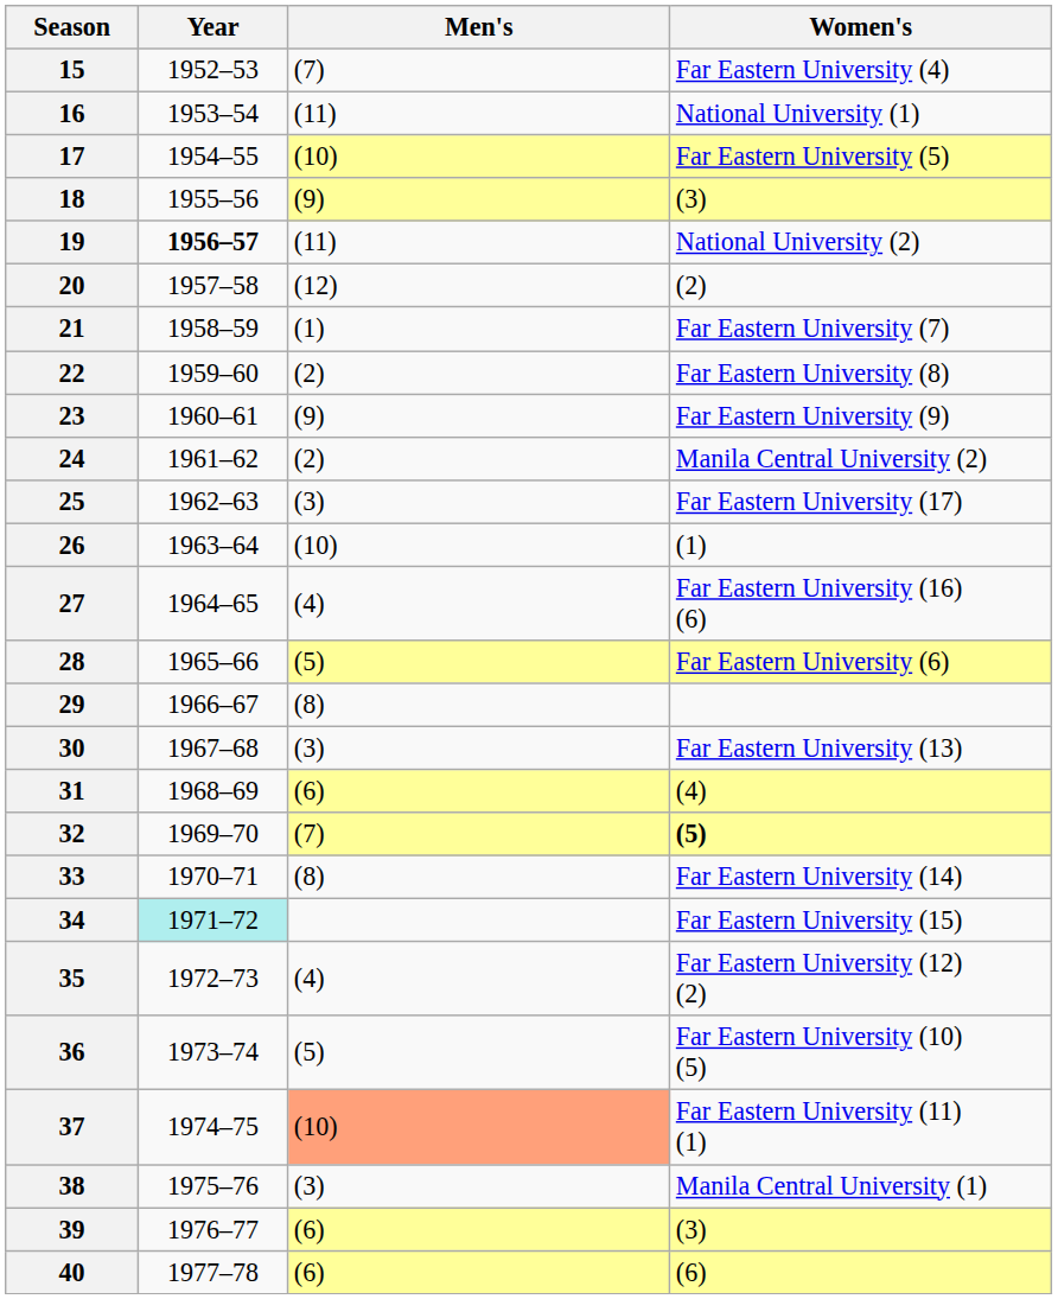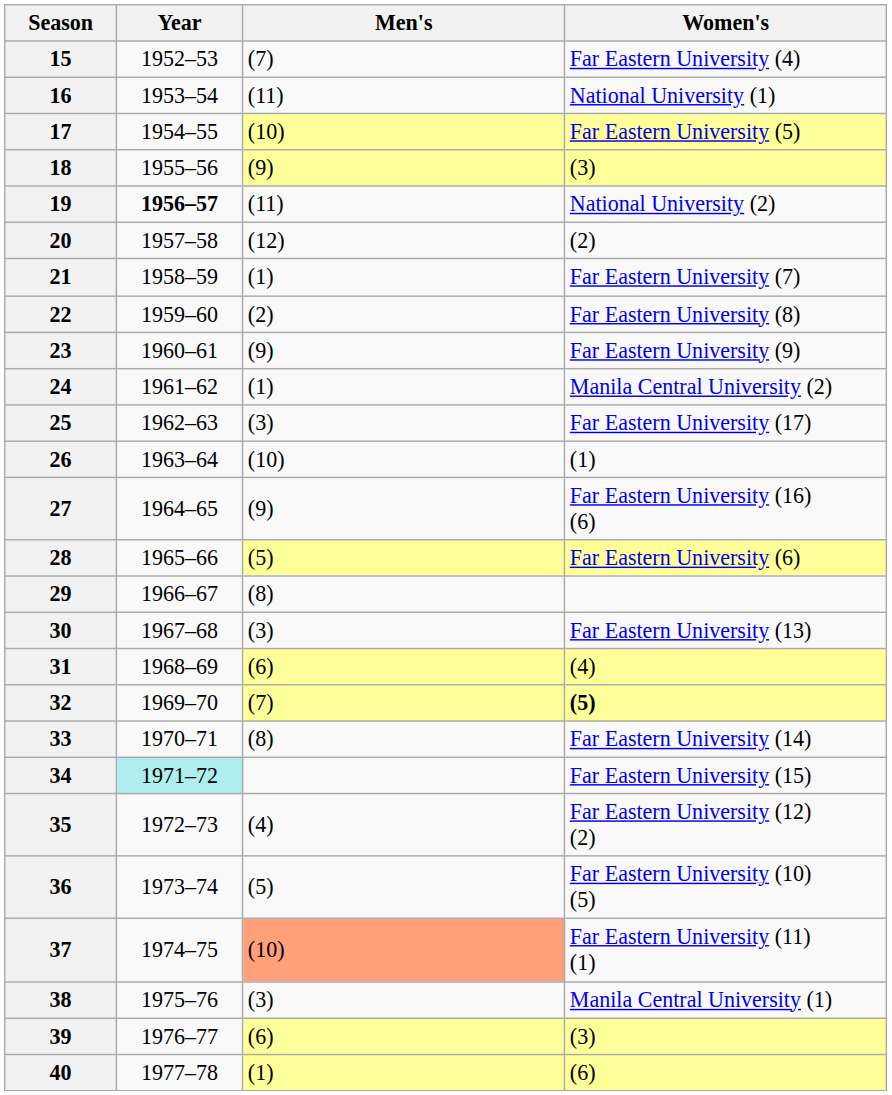 <table class="wikitable plainrowheaders" style="font-size:95%;">
 <tr>
 <th scope="col" style="width:70px;">Season</th>
 <th scope="col" style="width:80px;">Year</th>
 <th scope="col" style="width:215px;">Men's</th>
 <th scope="col" style="width:215px;">Women's</th>
 </tr>
 <tr>
 <th scope="row" style="text-align:center;">15</th>
 <td align=center>1952–53</td>
 <td> (7)</td>
 <td> <a href='#'>Far Eastern University</a> (4)</td>
 </tr>
 <tr>
 <th scope="row" style="text-align:center;">16</th>
 <td align=center>1953–54</td>
 <td> (11)</td>
 <td> <a href='#'>National University</a>  (1)</td>
 </tr>
 <tr>
 <th scope="row" style="text-align:center;">17</th>
 <td align=center>1954–55</td>
 <td bgcolor=#FFFF99> (10)</td>
 <td bgcolor=#FFFF99> <a href='#'>Far Eastern University</a>  (5)</td>
 </tr>
 <tr>
 <th scope="row" style="text-align:center;">18</th>
 <td align=center>1955–56</td>
 <td bgcolor=#FFFF99> (9)</td>
 <td bgcolor=#FFFF99> (3)</td>
 </tr>
 <tr>
 <th scope="row" style="text-align:center;">19</th>
 <td align=center><strong>1956–57</strong></td>
 <td> (11)</td>
 <td> <a href='#'>National University</a> (2)</td>
 </tr>
 <tr>
 <th scope="row" style="text-align:center;">20</th>
 <td align=center>1957–58</td>
 <td> (12)</td>
 <td> (2)</td>
 </tr>
 <tr>
 <th scope="row" style="text-align:center;">21</th>
 <td align=center>1958–59</td>
 <td> (1)</td>
 <td> <a href='#'>Far Eastern University</a> (7)</td>
 </tr>
 <tr>
 <th scope="row" style="text-align:center;">22</th>
 <td align=center>1959–60</td>
 <td> (2)</td>
 <td> <a href='#'>Far Eastern University</a> (8)</td>
 </tr>
 <tr>
 <th scope="row" style="text-align:center;">23</th>
 <td align=center>1960–61</td>
 <td> (9)</td>
 <td> <a href='#'>Far Eastern University</a> (9)</td>
 </tr>
 <tr>
 <th scope="row" style="text-align:center;">24</th>
 <td align=center>1961–62</td>
-<td> (2)</td>
+<td> (1)</td>
 <td> <a href='#'>Manila Central University</a> (2)</td>
 </tr>
 <tr>
 <th scope="row" style="text-align:center;">25</th>
 <td align=center>1962–63</td>
 <td> (3)</td>
 <td> <a href='#'>Far Eastern University</a> (17)</td>
 </tr>
 <tr>
 <th scope="row" style="text-align:center;">26</th>
 <td align=center>1963–64</td>
 <td> (10)</td>
 <td> (1)</td>
 </tr>
 <tr>
 <th scope="row" style="text-align:center;">27</th>
 <td align=center>1964–65</td>
-<td> (4)</td>
+<td> (9)</td>
 <td> <a href='#'>Far Eastern University</a> (16)<br> (6)</td>
 </tr>
 <tr>
 <th scope="row" style="text-align:center;">28</th>
 <td align=center>1965–66</td>
 <td bgcolor=#FFFF99> (5)</td>
 <td bgcolor=#FFFF99> <a href='#'>Far Eastern University</a>  (6)</td>
 </tr>
 <tr>
 <th scope="row" style="text-align:center;">29</th>
 <td align=center>1966–67</td>
 <td> (8)</td>
 </tr>
 <tr>
 <th scope="row" style="text-align:center;">30</th>
 <td align=center>1967–68</td>
 <td> (3)</td>
 <td> <a href='#'>Far Eastern University</a> (13)</td>
 </tr>
 <tr>
 <th scope="row" style="text-align:center;">31</th>
 <td align=center>1968–69</td>
 <td bgcolor=#FFFF99> (6)</td>
 <td bgcolor=#FFFF99> (4)</td>
 </tr>
 <tr>
 <th scope="row" style="text-align:center;">32</th>
 <td align=center>1969–70</td>
 <td bgcolor=#FFFF99> (7)</td>
 <td bgcolor=#FFFF99><strong> (5)</strong></td>
 </tr>
 <tr>
 <th scope="row" style="text-align:center;">33</th>
 <td align=center>1970–71</td>
 <td> (8)</td>
 <td> <a href='#'>Far Eastern University</a> (14)</td>
 </tr>
 <tr>
 <th scope="row" style="text-align:center;">34</th>
 <td align=center style="background: paleturquoise;">1971–72</td>
 <td></td>
 <td> <a href='#'>Far Eastern University</a> (15)</td>
 </tr>
 <tr>
 <th scope="row" style="text-align:center;">35</th>
 <td align=center>1972–73</td>
 <td> (4)</td>
 <td> <a href='#'>Far Eastern University</a> (12)<br> (2)</td>
 </tr>
 <tr>
 <th scope="row" style="text-align:center;">36</th>
 <td align=center>1973–74</td>
 <td> (5)</td>
 <td> <a href='#'>Far Eastern University</a> (10)<br> (5)</td>
 </tr>
 <tr>
 <th scope="row" style="text-align:center;">37</th>
 <td align=center>1974–75</td>
 <td style="background: lightsalmon;"> (10)</td>
 <td> <a href='#'>Far Eastern University</a> (11)<br> (1)</td>
 </tr>
 <tr>
 <th scope="row" style="text-align:center;">38</th>
 <td align=center>1975–76</td>
 <td> (3)</td>
 <td> <a href='#'>Manila Central University</a> (1)</td>
 </tr>
 <tr>
 <th scope="row" style="text-align:center;">39</th>
 <td align=center>1976–77</td>
 <td bgcolor=#FFFF99> (6)</td>
 <td bgcolor=#FFFF99> (3)</td>
 </tr>
 <tr>
 <th scope="row" style="text-align:center;">40</th>
 <td align=center>1977–78</td>
-<td bgcolor=#FFFF99> (6)</td>
+<td bgcolor=#FFFF99> (1)</td>
 <td bgcolor=#FFFF99> (6)</td>
 </tr>
 <tr>
 </tr>
 </table>
